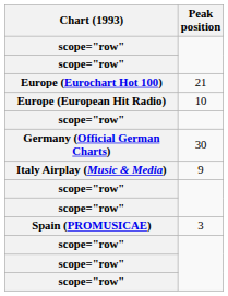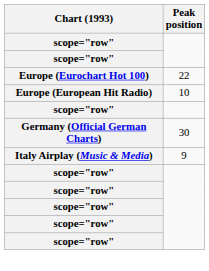 <table class="wikitable sortable plainrowheaders" style="text-align:center;">
 <tr>
 <th scope="col" width=230>Chart (1993)</th>
 <th scope="col" width=40>Peak<br>position</th>
 </tr>
 <tr>
 <th>scope="row" </th>
 </tr>
 <tr>
 <th>scope="row" </th>
 </tr>
 <tr>
 <th scope="row">Europe (<a href='#'>Eurochart Hot 100</a>)</th>
-<td>21</td>
+<td>22</td>
 </tr>
 <tr>
 <th scope="row">Europe (European Hit Radio)</th>
 <td>10</td>
 </tr>
 <tr>
 <th>scope="row" </th>
 </tr>
 <tr>
 <th scope="row">Germany (<a href='#'>Official German Charts</a>)</th>
 <td>30</td>
 </tr>
 <tr>
 <th scope="row">Italy Airplay (<em><a href='#'>Music & Media</a></em>)</th>
 <td>9</td>
 </tr>
 <tr>
 <th>scope="row" </th>
 </tr>
 <tr>
 <th>scope="row" </th>
 </tr>
 <tr>
-<th scope="row">Spain (<a href='#'>PROMUSICAE</a>)</th>
-<td>3</td>
-</tr>
-<tr>
 <th>scope="row" </th>
 </tr>
 <tr>
 <th>scope="row" </th>
 </tr>
 <tr>
 <th>scope="row" </th>
 </tr>
 </table>
